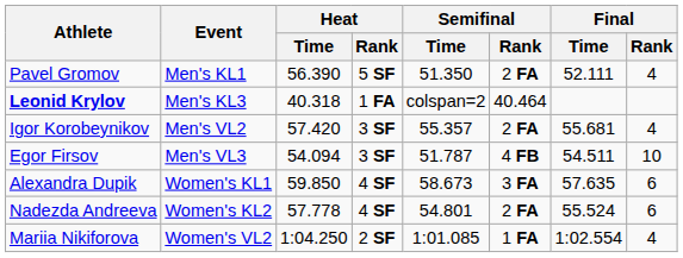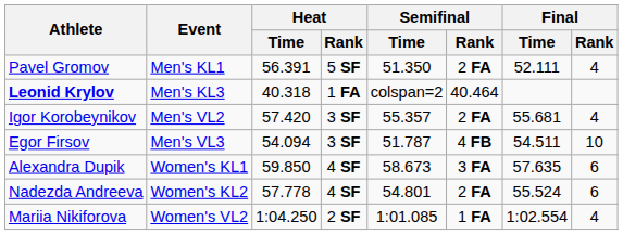 <table class="wikitable" style="text-align:center; font-size:90%">
 <tr>
 <th rowspan=2>Athlete</th>
 <th rowspan=2>Event</th>
 <th colspan=2>Heat</th>
 <th colspan=2>Semifinal</th>
 <th colspan=2>Final</th>
 </tr>
 <tr>
 <th>Time</th>
 <th>Rank</th>
 <th>Time</th>
 <th>Rank</th>
 <th>Time</th>
 <th>Rank</th>
 </tr>
 <tr>
 <td align=left><a href='#'>Pavel Gromov</a></td>
 <td align=left><a href='#'>Men's KL1</a></td>
-<td>56.390</td>
+<td>56.391</td>
 <td>5 <strong>SF</strong></td>
 <td>51.350</td>
 <td>2 <strong>FA</strong></td>
 <td>52.111</td>
 <td>4</td>
 </tr>
 <tr>
 <td align=left><strong><a href='#'>Leonid Krylov</a></strong></td>
 <td align=left><a href='#'>Men's KL3</a></td>
 <td>40.318</td>
 <td>1 <strong>FA</strong></td>
 <td>colspan=2 </td>
 <td>40.464</td>
 <td></td>
 </tr>
 <tr>
 <td align=left><a href='#'>Igor Korobeynikov</a></td>
 <td align=left><a href='#'>Men's VL2</a></td>
 <td>57.420</td>
 <td>3 <strong>SF</strong></td>
 <td>55.357</td>
 <td>2 <strong>FA</strong></td>
 <td>55.681</td>
 <td>4</td>
 </tr>
 <tr>
 <td align=left><a href='#'>Egor Firsov</a></td>
 <td align=left><a href='#'>Men's VL3</a></td>
 <td>54.094</td>
 <td>3 <strong>SF</strong></td>
 <td>51.787</td>
 <td>4 <strong>FB</strong></td>
 <td>54.511</td>
 <td>10</td>
 </tr>
 <tr>
 <td align=left><a href='#'>Alexandra Dupik</a></td>
 <td align=left><a href='#'>Women's KL1</a></td>
 <td>59.850</td>
 <td>4 <strong>SF</strong></td>
 <td>58.673</td>
 <td>3 <strong>FA</strong></td>
 <td>57.635</td>
 <td>6</td>
 </tr>
 <tr>
 <td align=left><a href='#'>Nadezda Andreeva</a></td>
 <td align=left><a href='#'>Women's KL2</a></td>
 <td>57.778</td>
 <td>4 <strong>SF</strong></td>
 <td>54.801</td>
 <td>2 <strong>FA</strong></td>
 <td>55.524</td>
 <td>6</td>
 </tr>
 <tr>
 <td align=left><a href='#'>Mariia Nikiforova</a></td>
 <td align=left><a href='#'>Women's VL2</a></td>
 <td>1:04.250</td>
 <td>2 <strong>SF</strong></td>
 <td>1:01.085</td>
 <td>1 <strong>FA</strong></td>
 <td>1:02.554</td>
 <td>4</td>
 </tr>
 </table>
